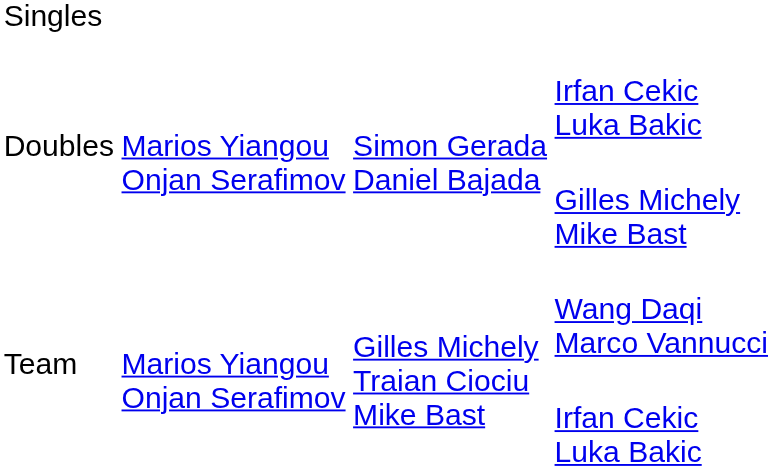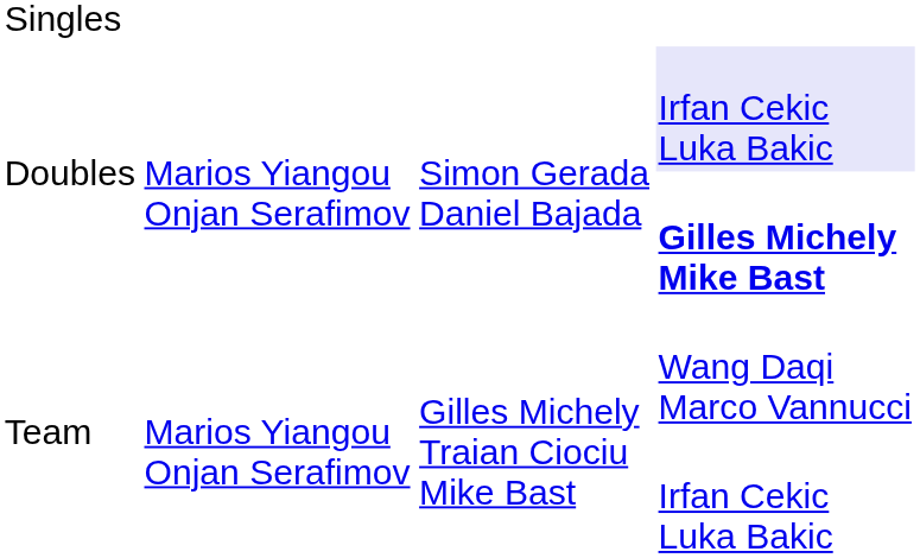 <table>
 <tr>
 <td rowspan=2>Singles</td>
 <td rowspan=2></td>
 <td rowspan=2></td>
 <td></td>
 </tr>
 <tr>
 <td></td>
 </tr>
 <tr>
 <td rowspan=2>Doubles</td>
 <td rowspan=2><br><a href='#'>Marios Yiangou</a><br><a href='#'>Onjan Serafimov</a></td>
 <td rowspan=2><br><a href='#'>Simon Gerada</a><br><a href='#'>Daniel Bajada</a></td>
-<td><br><a href='#'>Irfan Cekic</a><br><a href='#'>Luka Bakic</a></td>
+<td style="background: lavender;"><br><a href='#'>Irfan Cekic</a><br><a href='#'>Luka Bakic</a></td>
 </tr>
 <tr>
-<td><br><a href='#'>Gilles Michely</a><br><a href='#'>Mike Bast</a></td>
+<td><strong><br><a href='#'>Gilles Michely</a><br><a href='#'>Mike Bast</a></strong></td>
 </tr>
 <tr>
 <td rowspan=2>Team</td>
 <td rowspan=2><br><a href='#'>Marios Yiangou</a><br><a href='#'>Onjan Serafimov</a></td>
 <td rowspan=2><br><a href='#'>Gilles Michely</a><br><a href='#'>Traian Ciociu</a><br><a href='#'>Mike Bast</a></td>
 <td><br><a href='#'>Wang Daqi</a><br><a href='#'>Marco Vannucci</a></td>
 </tr>
 <tr>
 <td><br><a href='#'>Irfan Cekic</a><br><a href='#'>Luka Bakic</a></td>
 </tr>
 </table>
